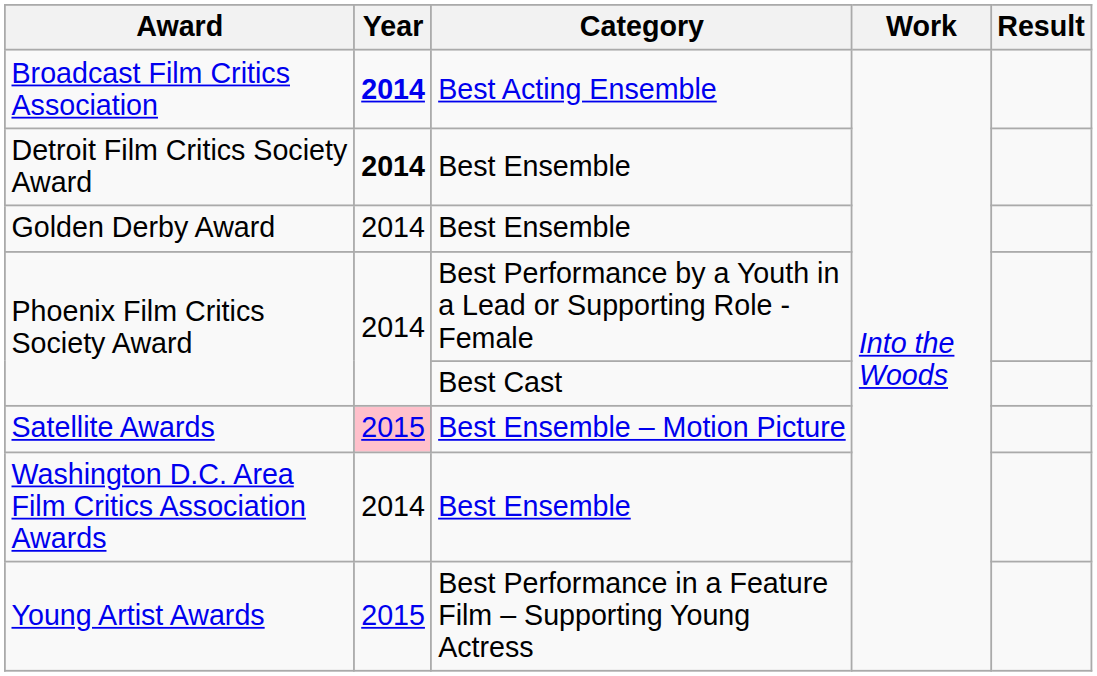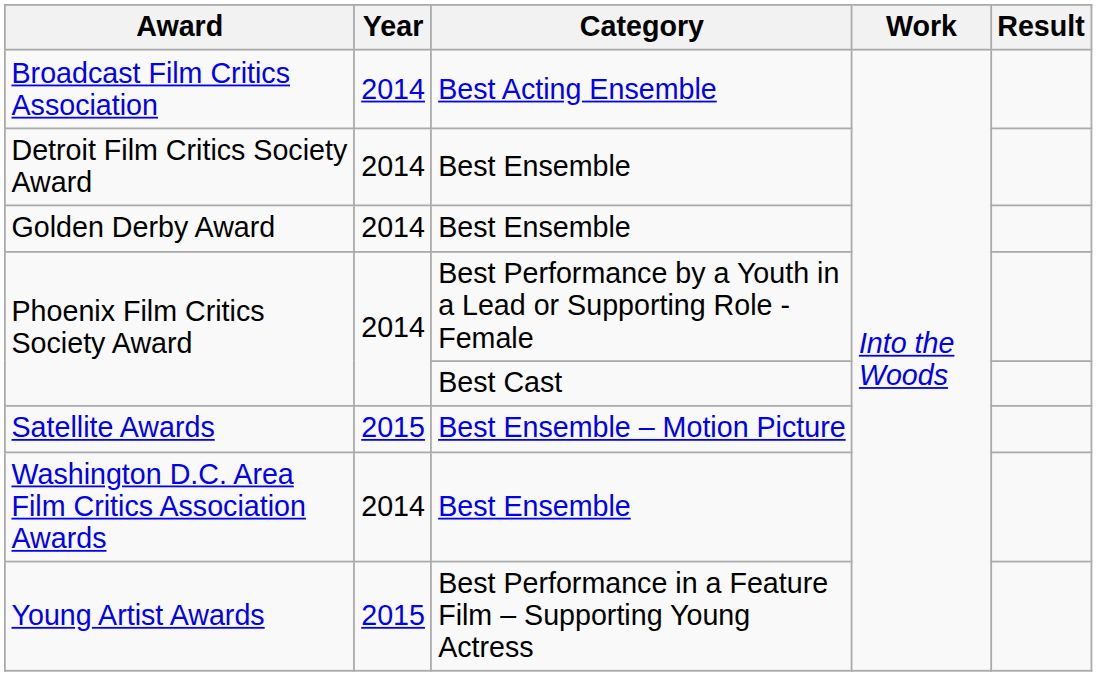 <table class="wikitable">
 <tr>
 <th>Award</th>
 <th>Year</th>
 <th>Category</th>
 <th>Work</th>
 <th>Result</th>
 </tr>
 <tr>
 <td><a href='#'>Broadcast Film Critics Association</a></td>
-<td><strong><a href='#'>2014</a></strong></td>
+<td><a href='#'>2014</a></td>
 <td><a href='#'>Best Acting Ensemble</a></td>
 <td rowspan="8"><em><a href='#'>Into the Woods</a></em></td>
 <td></td>
 </tr>
 <tr>
 <td>Detroit Film Critics Society Award</td>
-<td><strong>2014</strong></td>
+<td>2014</td>
 <td>Best Ensemble</td>
 <td></td>
 </tr>
 <tr>
 <td>Golden Derby Award</td>
 <td>2014</td>
 <td>Best Ensemble</td>
 <td></td>
 </tr>
 <tr>
 <td rowspan="2">Phoenix Film Critics Society Award</td>
 <td rowspan="2">2014</td>
 <td>Best Performance by a Youth in a Lead or Supporting Role - Female</td>
 <td></td>
 </tr>
 <tr>
 <td>Best Cast</td>
 <td></td>
 </tr>
 <tr>
 <td><a href='#'>Satellite Awards</a></td>
-<td style="background: pink;"><a href='#'>2015</a></td>
+<td><a href='#'>2015</a></td>
 <td><a href='#'>Best Ensemble – Motion Picture</a></td>
 <td></td>
 </tr>
 <tr>
 <td><a href='#'>Washington D.C. Area Film Critics Association Awards</a></td>
 <td>2014</td>
 <td><a href='#'>Best Ensemble</a></td>
 <td></td>
 </tr>
 <tr>
 <td><a href='#'>Young Artist Awards</a></td>
 <td><a href='#'>2015</a></td>
 <td>Best Performance in a Feature Film – Supporting Young Actress</td>
 <td></td>
 </tr>
 </table>
